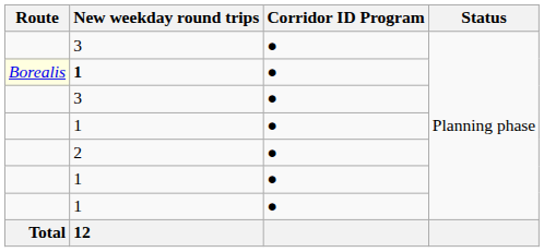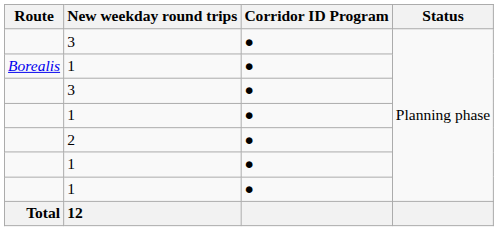 <table class="wikitable sortable">
 <tr>
 <th>Route</th>
 <th>New weekday round trips</th>
 <th>Corridor ID Program</th>
 <th>Status</th>
 </tr>
 <tr>
 <td></td>
 <td>3</td>
 <td>●</td>
 <td rowspan=7>Planning phase</td>
 </tr>
 <tr>
-<td style="background: lightyellow;"><a href='#'><em>Borealis</em></a></td>
-<td><strong>1</strong></td>
+<td><a href='#'><em>Borealis</em></a></td>
+<td>1</td>
 <td>●</td>
 </tr>
 <tr>
 <td></td>
 <td>3</td>
 <td>●</td>
 </tr>
 <tr>
 <td></td>
 <td>1</td>
 <td>●</td>
 </tr>
 <tr>
 <td></td>
 <td>2</td>
 <td>●</td>
 </tr>
 <tr>
 <td></td>
 <td>1</td>
 <td>●</td>
 </tr>
 <tr>
 <td></td>
 <td>1</td>
 <td>●</td>
 </tr>
 <tr>
 <th style="text-align:right;">Total</th>
 <th style="text-align:left;">12</th>
 <th></th>
 <th></th>
 </tr>
 </table>
